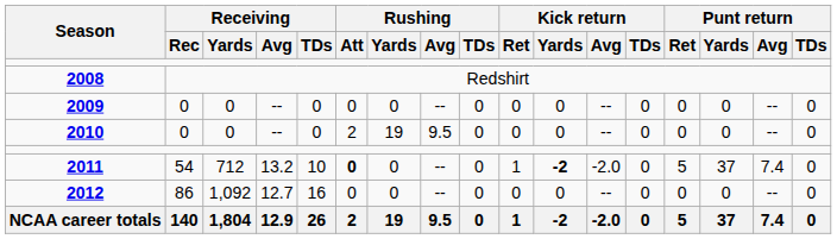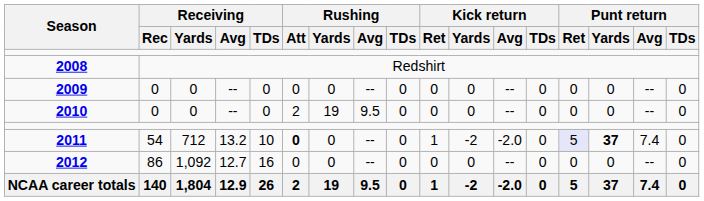 <table class=wikitable style="text-align:center;">
 <tr>
 <th rowspan=2>Season</th>
 <th colspan=4>Receiving</th>
 <th colspan=4>Rushing</th>
 <th colspan=4>Kick return</th>
 <th colspan=4>Punt return</th>
 </tr>
 <tr>
 <th>Rec</th>
 <th>Yards</th>
 <th>Avg</th>
 <th>TDs</th>
 <th>Att</th>
 <th>Yards</th>
 <th>Avg</th>
 <th>TDs</th>
 <th>Ret</th>
 <th>Yards</th>
 <th>Avg</th>
 <th>TDs</th>
 <th>Ret</th>
 <th>Yards</th>
 <th>Avg</th>
 <th>TDs</th>
 </tr>
 <tr>
 <td ! colspan="21"></td>
 </tr>
 <tr>
 <td><strong><a href='#'>2008</a></strong></td>
 <td colspan=16 style="text-align:center;">Redshirt</td>
 </tr>
 <tr>
 <td><strong><a href='#'>2009</a></strong></td>
 <td>0</td>
 <td>0</td>
 <td>--</td>
 <td>0</td>
 <td>0</td>
 <td>0</td>
 <td>--</td>
 <td>0</td>
 <td>0</td>
 <td>0</td>
 <td>--</td>
 <td>0</td>
 <td>0</td>
 <td>0</td>
 <td>--</td>
 <td>0</td>
 </tr>
 <tr>
 <td><strong><a href='#'>2010</a></strong></td>
 <td>0</td>
 <td>0</td>
 <td>--</td>
 <td>0</td>
 <td>2</td>
 <td>19</td>
 <td>9.5</td>
 <td>0</td>
 <td>0</td>
 <td>0</td>
 <td>--</td>
 <td>0</td>
 <td>0</td>
 <td>0</td>
 <td>--</td>
 <td>0</td>
 </tr>
 <tr>
 <td ! colspan="21"></td>
 </tr>
 <tr>
 <td><strong><a href='#'>2011</a></strong></td>
 <td>54</td>
 <td>712</td>
 <td>13.2</td>
 <td>10</td>
 <td><strong>0</strong></td>
 <td>0</td>
 <td>--</td>
 <td>0</td>
 <td>1</td>
-<td><strong>-2</strong></td>
+<td>-2</td>
 <td>-2.0</td>
 <td>0</td>
-<td>5</td>
-<td>37</td>
+<td style="background: lavender;">5</td>
+<td><strong>37</strong></td>
 <td>7.4</td>
 <td>0</td>
 </tr>
 <tr>
 <td><strong><a href='#'>2012</a></strong></td>
 <td>86</td>
 <td>1,092</td>
 <td>12.7</td>
 <td>16</td>
 <td>0</td>
 <td>0</td>
 <td>--</td>
 <td>0</td>
 <td>0</td>
 <td>0</td>
 <td>--</td>
 <td>0</td>
 <td>0</td>
 <td>0</td>
 <td>--</td>
 <td>0</td>
 </tr>
 <tr>
 <th>NCAA career totals</th>
 <th>140</th>
 <th>1,804</th>
 <th>12.9</th>
 <th>26</th>
 <th>2</th>
 <th>19</th>
 <th>9.5</th>
 <th>0</th>
 <th>1</th>
 <th>-2</th>
 <th>-2.0</th>
 <th>0</th>
 <th>5</th>
 <th>37</th>
 <th>7.4</th>
 <th>0</th>
 </tr>
 </table>
